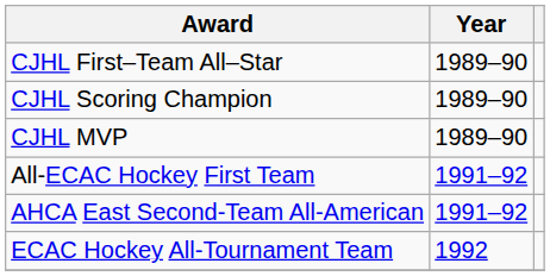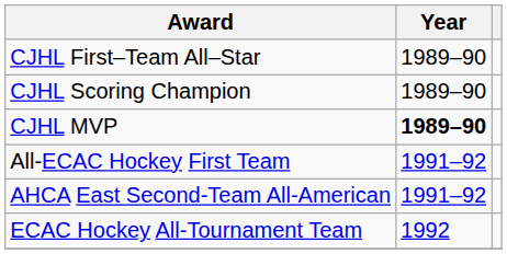 <table class="wikitable">
 <tr>
 <th>Award</th>
 <th>Year</th>
 <th></th>
 </tr>
 <tr>
 <td><a href='#'>CJHL</a> First–Team All–Star</td>
 <td>1989–90</td>
 <td></td>
 </tr>
 <tr>
 <td><a href='#'>CJHL</a> Scoring Champion</td>
 <td>1989–90</td>
 <td></td>
 </tr>
 <tr>
 <td><a href='#'>CJHL</a> MVP</td>
-<td>1989–90</td>
+<td><strong>1989–90</strong></td>
 <td></td>
 </tr>
 <tr>
 <td>All-<a href='#'>ECAC Hockey</a> <a href='#'>First Team</a></td>
 <td><a href='#'>1991–92</a></td>
 <td></td>
 </tr>
 <tr>
 <td><a href='#'>AHCA</a> <a href='#'>East Second-Team All-American</a></td>
 <td><a href='#'>1991–92</a></td>
 <td></td>
 </tr>
 <tr>
 <td><a href='#'>ECAC Hockey</a> <a href='#'>All-Tournament Team</a></td>
 <td><a href='#'>1992</a></td>
 <td></td>
 </tr>
 <tr>
 </tr>
 </table>
